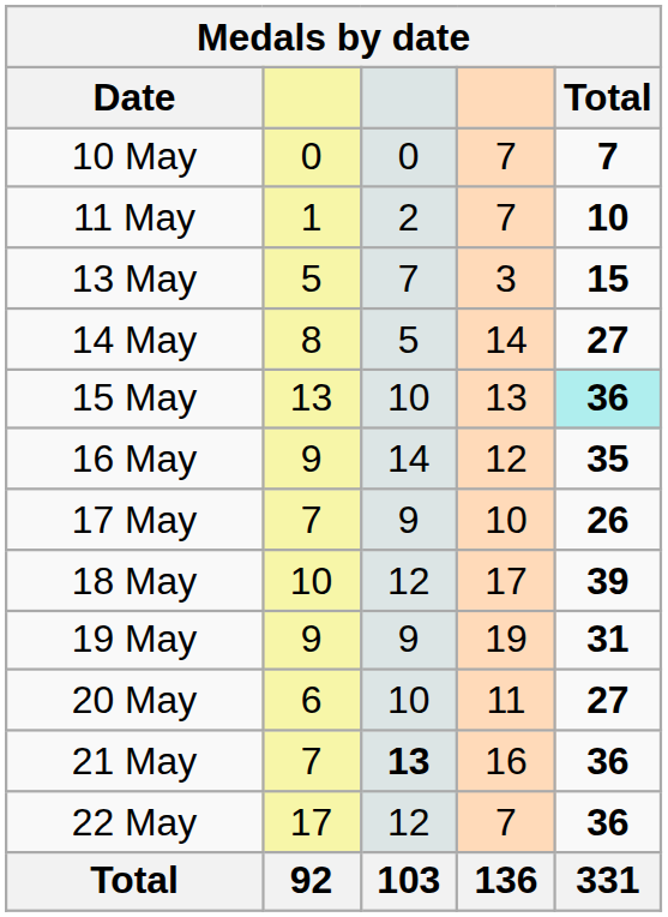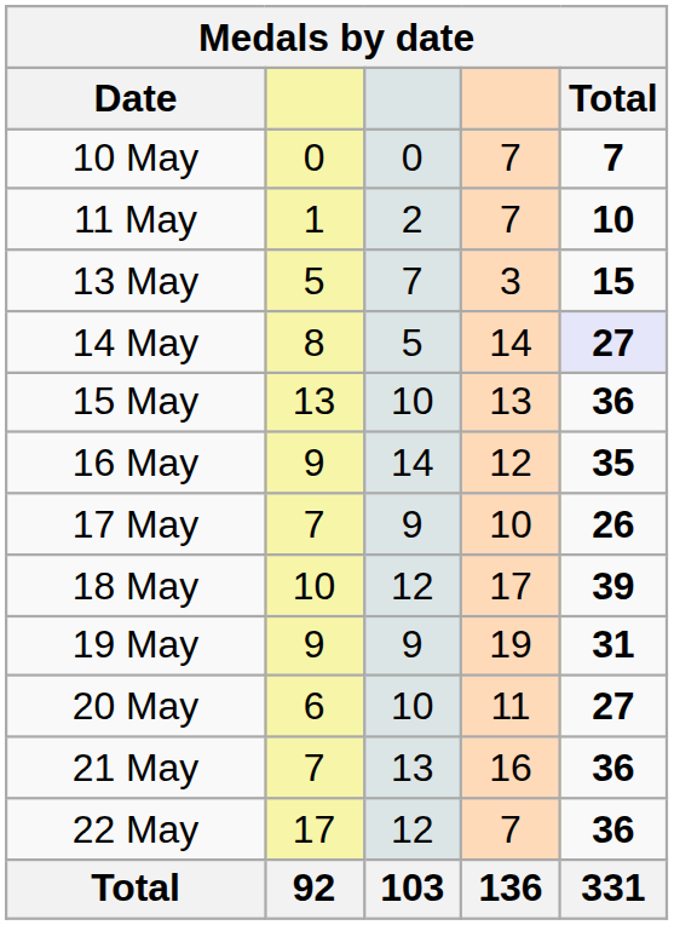 <table class="wikitable" style="font-size:90%; text-align:center;">
 <tr style="background:#efefef;">
 <th colspan=6><strong>Medals by date</strong></th>
 </tr>
 <tr>
 <th width=90><strong>Date</strong></th>
 <th width=30 style="background:#F7F6A8;"></th>
 <th width=30 style="background:#DCE5E5;"></th>
 <th width=30 style="background:#FFDAB9;"></th>
 <th width=30><strong>Total</strong></th>
 </tr>
 <tr>
 <td>10 May</td>
 <td style="background:#F7F6A8;">0</td>
 <td style="background:#DCE5E5;">0</td>
 <td style="background:#FFDAB9;">7</td>
 <td><strong>7</strong></td>
 </tr>
 <tr>
 <td>11 May</td>
 <td style="background:#F7F6A8;">1</td>
 <td style="background:#DCE5E5;">2</td>
 <td style="background:#FFDAB9;">7</td>
 <td><strong>10</strong></td>
 </tr>
 <tr>
 <td>13 May</td>
 <td style="background:#F7F6A8;">5</td>
 <td style="background:#DCE5E5;">7</td>
 <td style="background:#FFDAB9;">3</td>
 <td><strong>15</strong></td>
 </tr>
 <tr>
 <td>14 May</td>
 <td style="background:#F7F6A8;">8</td>
 <td style="background:#DCE5E5;">5</td>
 <td style="background:#FFDAB9;">14</td>
-<td><strong>27</strong></td>
+<td style="background: lavender;"><strong>27</strong></td>
 </tr>
 <tr>
 <td>15 May</td>
 <td style="background:#F7F6A8;">13</td>
 <td style="background:#DCE5E5;">10</td>
 <td style="background:#FFDAB9;">13</td>
-<td style="background: paleturquoise;"><strong>36</strong></td>
+<td><strong>36</strong></td>
 </tr>
 <tr>
 <td>16 May</td>
 <td style="background:#F7F6A8;">9</td>
 <td style="background:#DCE5E5;">14</td>
 <td style="background:#FFDAB9;">12</td>
 <td><strong>35</strong></td>
 </tr>
 <tr>
 <td>17 May</td>
 <td style="background:#F7F6A8;">7</td>
 <td style="background:#DCE5E5;">9</td>
 <td style="background:#FFDAB9;">10</td>
 <td><strong>26</strong></td>
 </tr>
 <tr>
 <td>18 May</td>
 <td style="background:#F7F6A8;">10</td>
 <td style="background:#DCE5E5;">12</td>
 <td style="background:#FFDAB9;">17</td>
 <td><strong>39</strong></td>
 </tr>
 <tr>
 <td>19 May</td>
 <td style="background:#F7F6A8;">9</td>
 <td style="background:#DCE5E5;">9</td>
 <td style="background:#FFDAB9;">19</td>
 <td><strong>31</strong></td>
 </tr>
 <tr>
 <td>20 May</td>
 <td style="background:#F7F6A8;">6</td>
 <td style="background:#DCE5E5;">10</td>
 <td style="background:#FFDAB9;">11</td>
 <td><strong>27</strong></td>
 </tr>
 <tr>
 <td>21 May</td>
 <td style="background:#F7F6A8;">7</td>
-<td style="background:#DCE5E5;"><strong>13</strong></td>
+<td style="background:#DCE5E5;">13</td>
 <td style="background:#FFDAB9;">16</td>
 <td><strong>36</strong></td>
 </tr>
 <tr>
 <td>22 May</td>
 <td style="background:#F7F6A8;">17</td>
 <td style="background:#DCE5E5;">12</td>
 <td style="background:#FFDAB9;">7</td>
 <td><strong>36</strong></td>
 </tr>
 <tr>
 <th><strong>Total</strong></th>
 <th><strong>92</strong></th>
 <th><strong>103</strong></th>
 <th><strong>136</strong></th>
 <th><strong>331</strong></th>
 </tr>
 </table>
